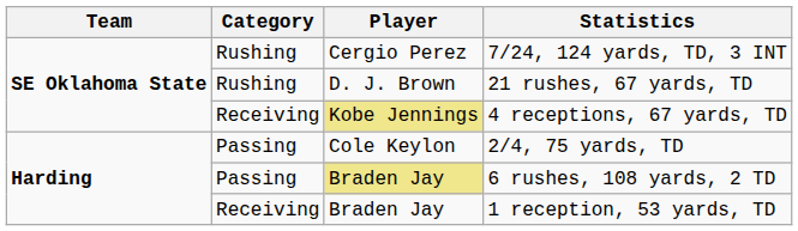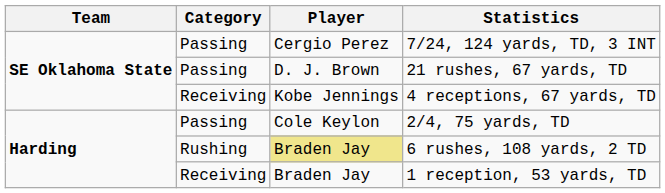 <table class="wikitable" style="float: right;">
 <tr>
 <th>Team</th>
 <th>Category</th>
 <th>Player</th>
 <th>Statistics</th>
 </tr>
 <tr>
 <td rowspan=3><strong>SE Oklahoma State</strong></td>
-<td>Rushing</td>
+<td>Passing</td>
 <td>Cergio Perez</td>
 <td>7/24, 124 yards, TD, 3 INT</td>
 </tr>
 <tr>
-<td>Rushing</td>
+<td>Passing</td>
 <td>D. J. Brown</td>
 <td>21 rushes, 67 yards, TD</td>
 </tr>
 <tr>
 <td>Receiving</td>
-<td style="background: khaki;">Kobe Jennings</td>
+<td>Kobe Jennings</td>
 <td>4 receptions, 67 yards, TD</td>
 </tr>
 <tr>
 <td rowspan=3><strong>Harding</strong></td>
 <td>Passing</td>
 <td>Cole Keylon</td>
 <td>2/4, 75 yards, TD</td>
 </tr>
 <tr>
-<td>Passing</td>
+<td>Rushing</td>
 <td style="background: khaki;">Braden Jay</td>
 <td>6 rushes, 108 yards, 2 TD</td>
 </tr>
 <tr>
 <td>Receiving</td>
 <td>Braden Jay</td>
 <td>1 reception, 53 yards, TD</td>
 </tr>
 </table>
